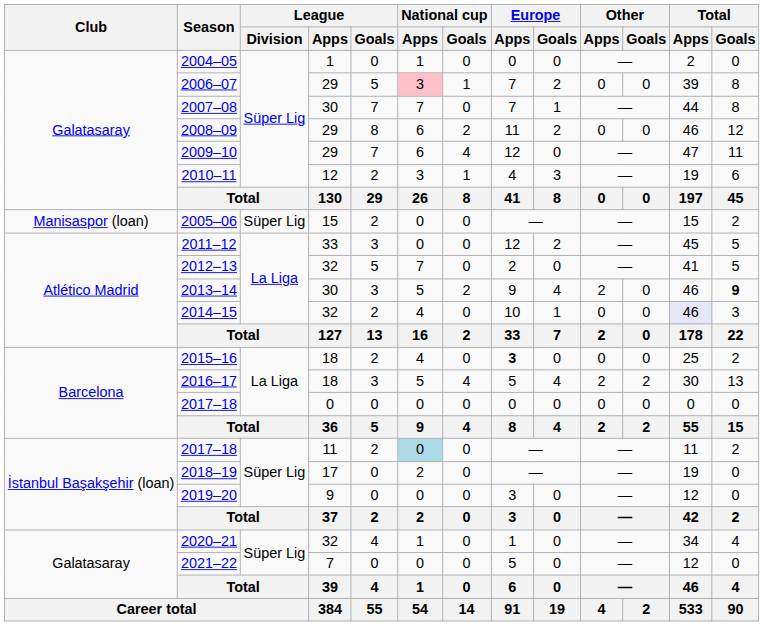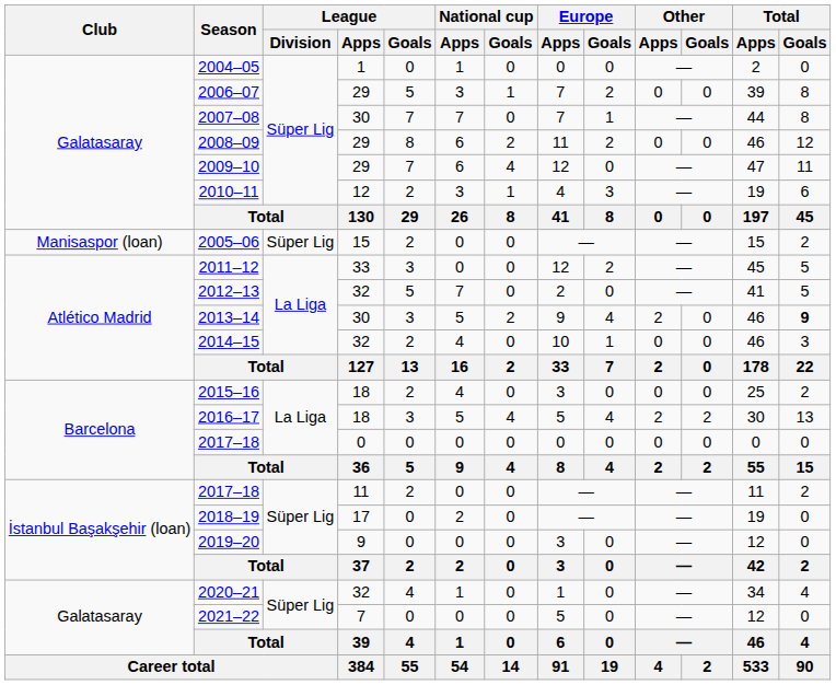 <table class="wikitable" style="text-align: center">
 <tr>
 <th rowspan="2">Club</th>
 <th rowspan="2">Season</th>
 <th colspan="3">League</th>
 <th colspan="2">National cup</th>
 <th colspan="2"><a href='#'>Europe</a></th>
 <th colspan="2">Other</th>
 <th colspan="2">Total</th>
 </tr>
 <tr>
 <th>Division</th>
 <th>Apps</th>
 <th>Goals</th>
 <th>Apps</th>
 <th>Goals</th>
 <th>Apps</th>
 <th>Goals</th>
 <th>Apps</th>
 <th>Goals</th>
 <th>Apps</th>
 <th>Goals</th>
 </tr>
 <tr>
 <td rowspan="7"><a href='#'>Galatasaray</a></td>
 <td><a href='#'>2004–05</a></td>
 <td rowspan="6"><a href='#'>Süper Lig</a></td>
 <td>1</td>
 <td>0</td>
 <td>1</td>
 <td>0</td>
 <td>0</td>
 <td>0</td>
 <td colspan="2">—</td>
 <td>2</td>
 <td>0</td>
 </tr>
 <tr>
 <td><a href='#'>2006–07</a></td>
 <td>29</td>
 <td>5</td>
-<td style="background: pink;">3</td>
+<td>3</td>
 <td>1</td>
 <td>7</td>
 <td>2</td>
 <td>0</td>
 <td>0</td>
 <td>39</td>
 <td>8</td>
 </tr>
 <tr>
 <td><a href='#'>2007–08</a></td>
 <td>30</td>
 <td>7</td>
 <td>7</td>
 <td>0</td>
 <td>7</td>
 <td>1</td>
 <td colspan="2">—</td>
 <td>44</td>
 <td>8</td>
 </tr>
 <tr>
 <td><a href='#'>2008–09</a></td>
 <td>29</td>
 <td>8</td>
 <td>6</td>
 <td>2</td>
 <td>11</td>
 <td>2</td>
 <td>0</td>
 <td>0</td>
 <td>46</td>
 <td>12</td>
 </tr>
 <tr>
 <td><a href='#'>2009–10</a></td>
 <td>29</td>
 <td>7</td>
 <td>6</td>
 <td>4</td>
 <td>12</td>
 <td>0</td>
 <td colspan="2">—</td>
 <td>47</td>
 <td>11</td>
 </tr>
 <tr>
 <td><a href='#'>2010–11</a></td>
 <td>12</td>
 <td>2</td>
 <td>3</td>
 <td>1</td>
 <td>4</td>
 <td>3</td>
 <td colspan="2">—</td>
 <td>19</td>
 <td>6</td>
 </tr>
 <tr>
 <th colspan="2">Total</th>
 <th>130</th>
 <th>29</th>
 <th>26</th>
 <th>8</th>
 <th>41</th>
 <th>8</th>
 <th>0</th>
 <th>0</th>
 <th>197</th>
 <th>45</th>
 </tr>
 <tr>
 <td><a href='#'>Manisaspor</a> (loan)</td>
 <td><a href='#'>2005–06</a></td>
 <td>Süper Lig</td>
 <td>15</td>
 <td>2</td>
 <td>0</td>
 <td>0</td>
 <td colspan="2">—</td>
 <td colspan="2">—</td>
 <td>15</td>
 <td>2</td>
 </tr>
 <tr>
 <td rowspan="5"><a href='#'>Atlético Madrid</a></td>
 <td><a href='#'>2011–12</a></td>
 <td rowspan="4"><a href='#'>La Liga</a></td>
 <td>33</td>
 <td>3</td>
 <td>0</td>
 <td>0</td>
 <td>12</td>
 <td>2</td>
 <td colspan="2">—</td>
 <td>45</td>
 <td>5</td>
 </tr>
 <tr>
 <td><a href='#'>2012–13</a></td>
 <td>32</td>
 <td>5</td>
 <td>7</td>
 <td>0</td>
 <td>2</td>
 <td>0</td>
 <td colspan="2">—</td>
 <td>41</td>
 <td>5</td>
 </tr>
 <tr>
 <td><a href='#'>2013–14</a></td>
 <td>30</td>
 <td>3</td>
 <td>5</td>
 <td>2</td>
 <td>9</td>
 <td>4</td>
 <td>2</td>
 <td>0</td>
 <td>46</td>
 <td><strong>9</strong></td>
 </tr>
 <tr>
 <td><a href='#'>2014–15</a></td>
 <td>32</td>
 <td>2</td>
 <td>4</td>
 <td>0</td>
 <td>10</td>
 <td>1</td>
 <td>0</td>
 <td>0</td>
-<td style="background: lavender;">46</td>
+<td>46</td>
 <td>3</td>
 </tr>
 <tr>
 <th colspan="2">Total</th>
 <th>127</th>
 <th>13</th>
 <th>16</th>
 <th>2</th>
 <th>33</th>
 <th>7</th>
 <th>2</th>
 <th>0</th>
 <th>178</th>
 <th>22</th>
 </tr>
 <tr>
 <td rowspan="4"><a href='#'>Barcelona</a></td>
 <td><a href='#'>2015–16</a></td>
 <td rowspan="3">La Liga</td>
 <td>18</td>
 <td>2</td>
 <td>4</td>
 <td>0</td>
-<td><strong>3</strong></td>
+<td>3</td>
 <td>0</td>
 <td>0</td>
 <td>0</td>
 <td>25</td>
 <td>2</td>
 </tr>
 <tr>
 <td><a href='#'>2016–17</a></td>
 <td>18</td>
 <td>3</td>
 <td>5</td>
 <td>4</td>
 <td>5</td>
 <td>4</td>
 <td>2</td>
 <td>2</td>
 <td>30</td>
 <td>13</td>
 </tr>
 <tr>
 <td><a href='#'>2017–18</a></td>
 <td>0</td>
 <td>0</td>
 <td>0</td>
 <td>0</td>
 <td>0</td>
 <td>0</td>
 <td>0</td>
 <td>0</td>
 <td>0</td>
 <td>0</td>
 </tr>
 <tr>
 <th colspan="2">Total</th>
 <th>36</th>
 <th>5</th>
 <th>9</th>
 <th>4</th>
 <th>8</th>
 <th>4</th>
 <th>2</th>
 <th>2</th>
 <th>55</th>
 <th>15</th>
 </tr>
 <tr>
 <td rowspan="4"><a href='#'>İstanbul Başakşehir</a> (loan)</td>
 <td><a href='#'>2017–18</a></td>
 <td rowspan="3">Süper Lig</td>
 <td>11</td>
 <td>2</td>
-<td style="background: lightblue;">0</td>
+<td>0</td>
 <td>0</td>
 <td colspan="2">—</td>
 <td colspan="2">—</td>
 <td>11</td>
 <td>2</td>
 </tr>
 <tr>
 <td><a href='#'>2018–19</a></td>
 <td>17</td>
 <td>0</td>
 <td>2</td>
 <td>0</td>
 <td colspan="2">—</td>
 <td colspan="2">—</td>
 <td>19</td>
 <td>0</td>
 </tr>
 <tr>
 <td><a href='#'>2019–20</a></td>
 <td>9</td>
 <td>0</td>
 <td>0</td>
 <td>0</td>
 <td>3</td>
 <td>0</td>
 <td colspan="2">—</td>
 <td>12</td>
 <td>0</td>
 </tr>
 <tr>
 <th colspan="2">Total</th>
 <th>37</th>
 <th>2</th>
 <th>2</th>
 <th>0</th>
 <th>3</th>
 <th>0</th>
 <th colspan="2">—</th>
 <th>42</th>
 <th>2</th>
 </tr>
 <tr>
 <td rowspan="3">Galatasaray</td>
 <td><a href='#'>2020–21</a></td>
 <td rowspan="2">Süper Lig</td>
 <td>32</td>
 <td>4</td>
 <td>1</td>
 <td>0</td>
 <td>1</td>
 <td>0</td>
 <td colspan="2">—</td>
 <td>34</td>
 <td>4</td>
 </tr>
 <tr>
 <td><a href='#'>2021–22</a></td>
 <td>7</td>
 <td>0</td>
 <td>0</td>
 <td>0</td>
 <td>5</td>
 <td>0</td>
 <td colspan="2">—</td>
 <td>12</td>
 <td>0</td>
 </tr>
 <tr>
 <th colspan="2">Total</th>
 <th>39</th>
 <th>4</th>
 <th>1</th>
 <th>0</th>
 <th>6</th>
 <th>0</th>
 <th colspan="2">—</th>
 <th>46</th>
 <th>4</th>
 </tr>
 <tr>
 <th colspan="3">Career total</th>
 <th>384</th>
 <th>55</th>
 <th>54</th>
 <th>14</th>
 <th>91</th>
 <th>19</th>
 <th>4</th>
 <th>2</th>
 <th>533</th>
 <th>90</th>
 </tr>
 </table>
